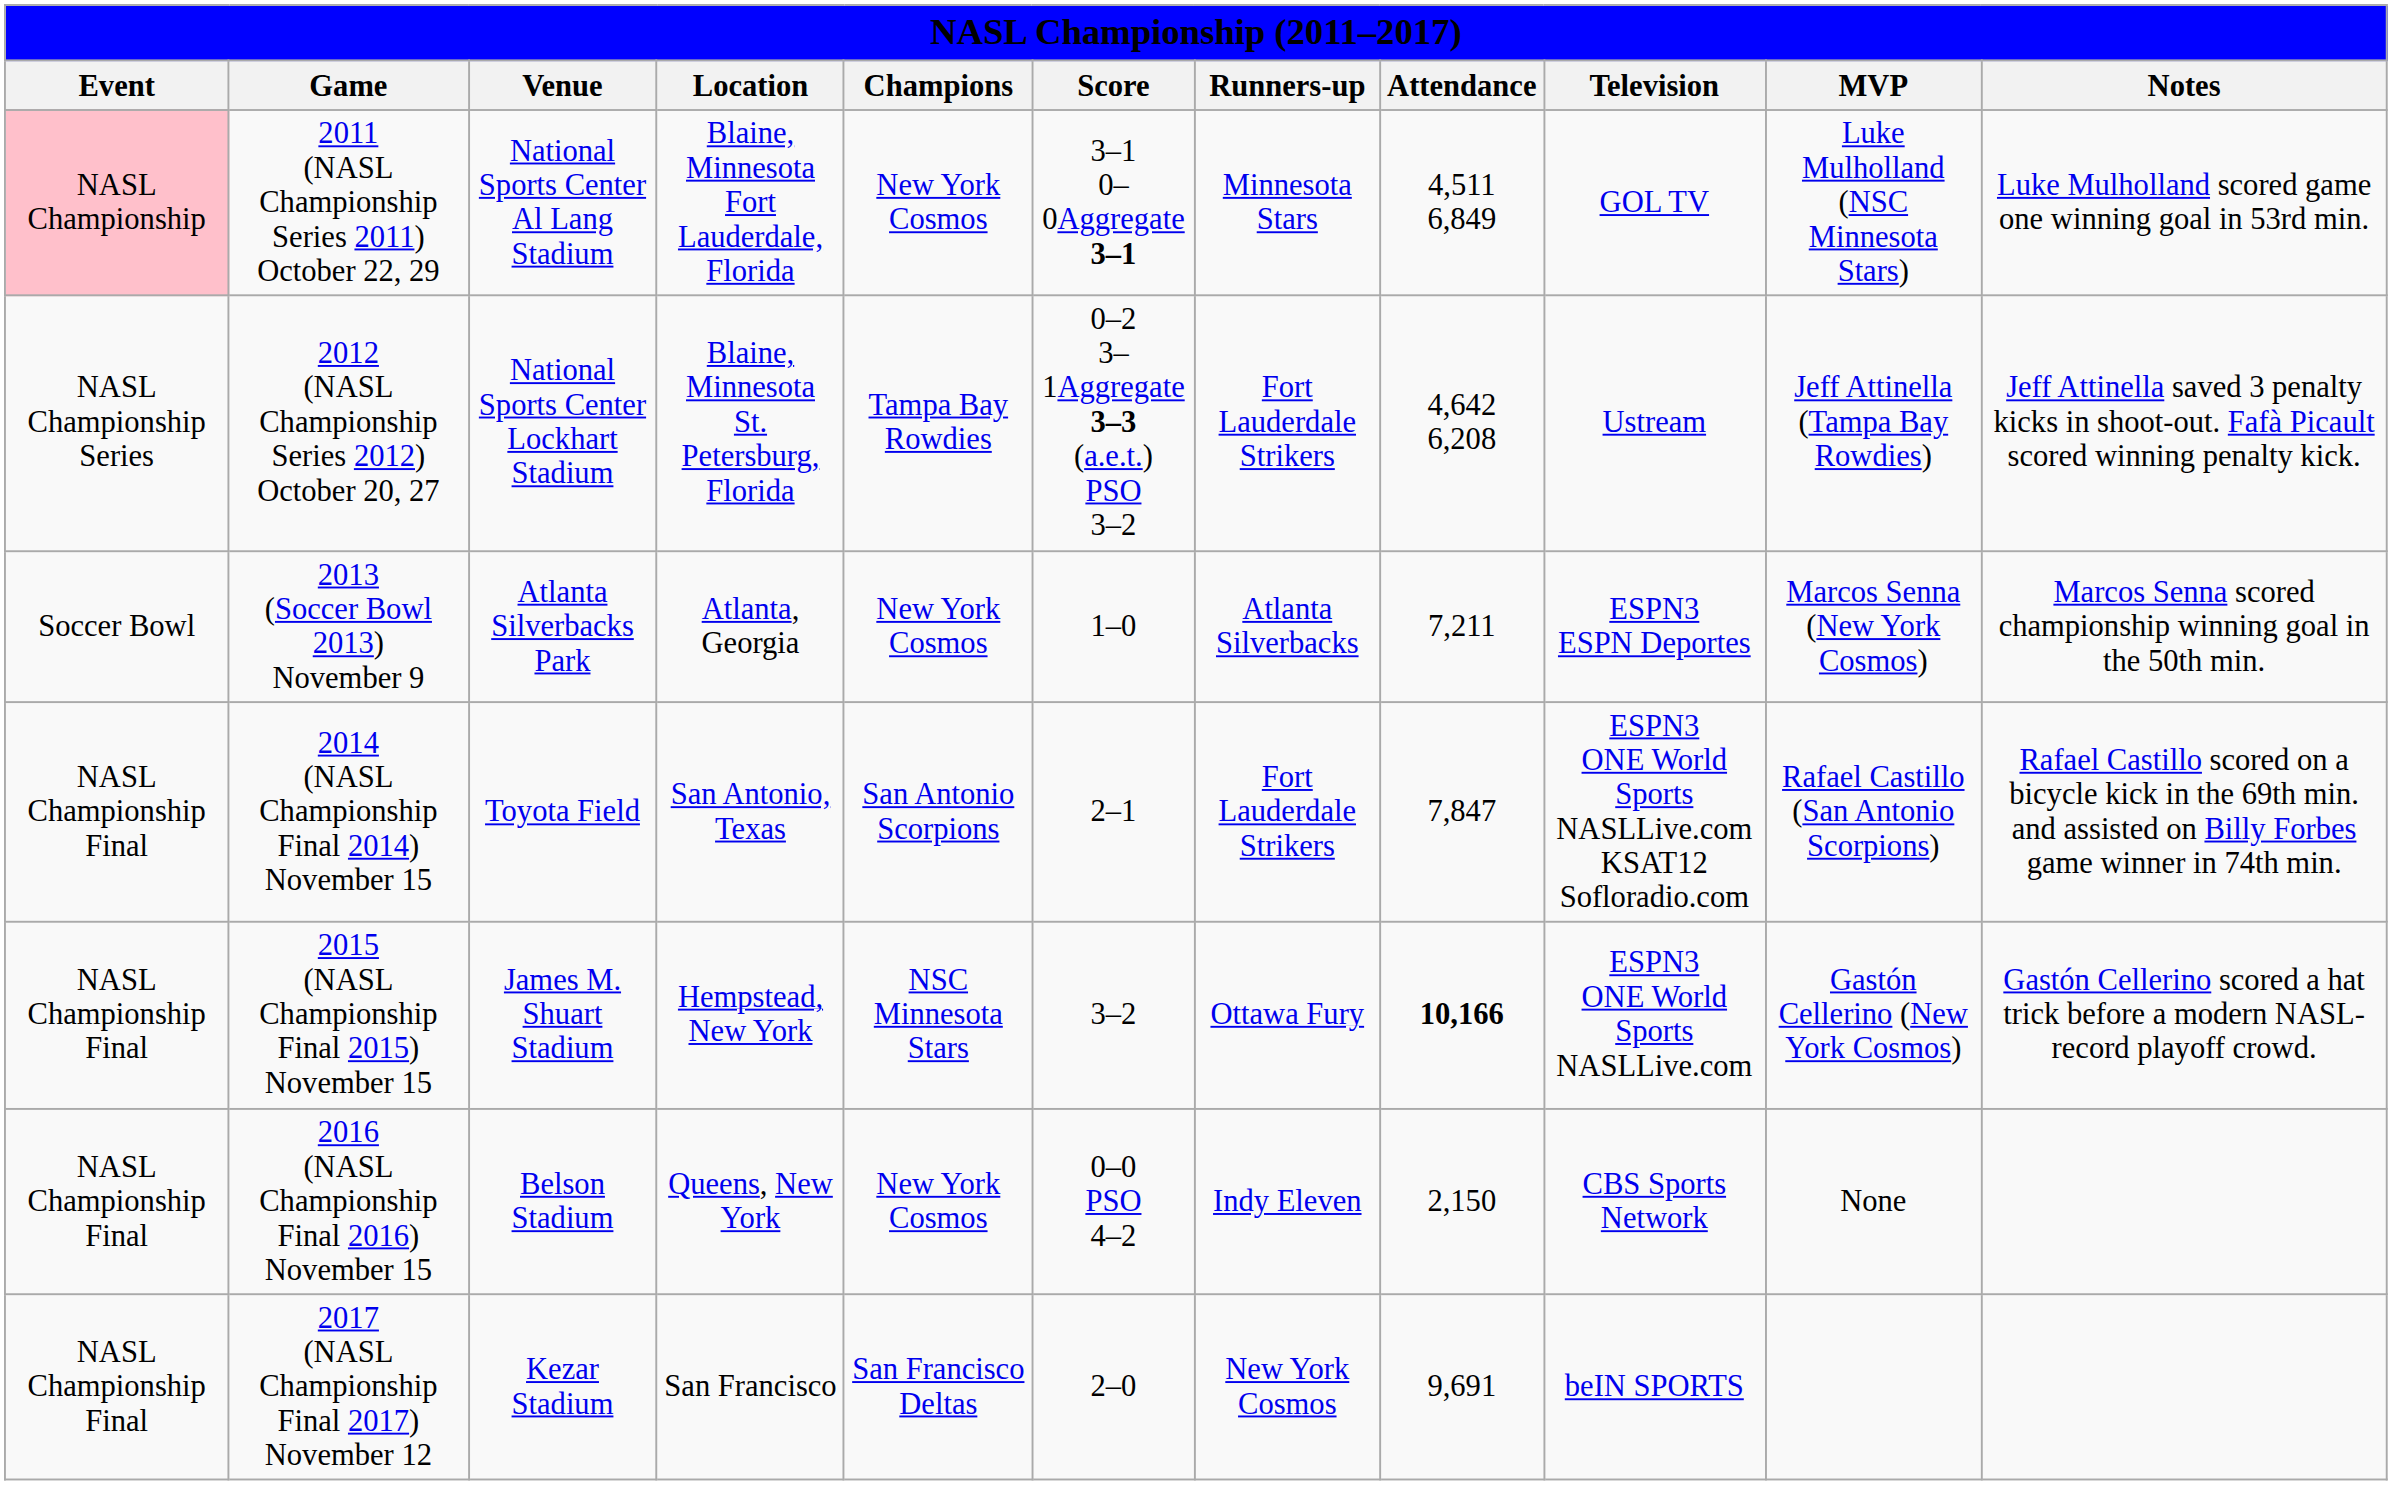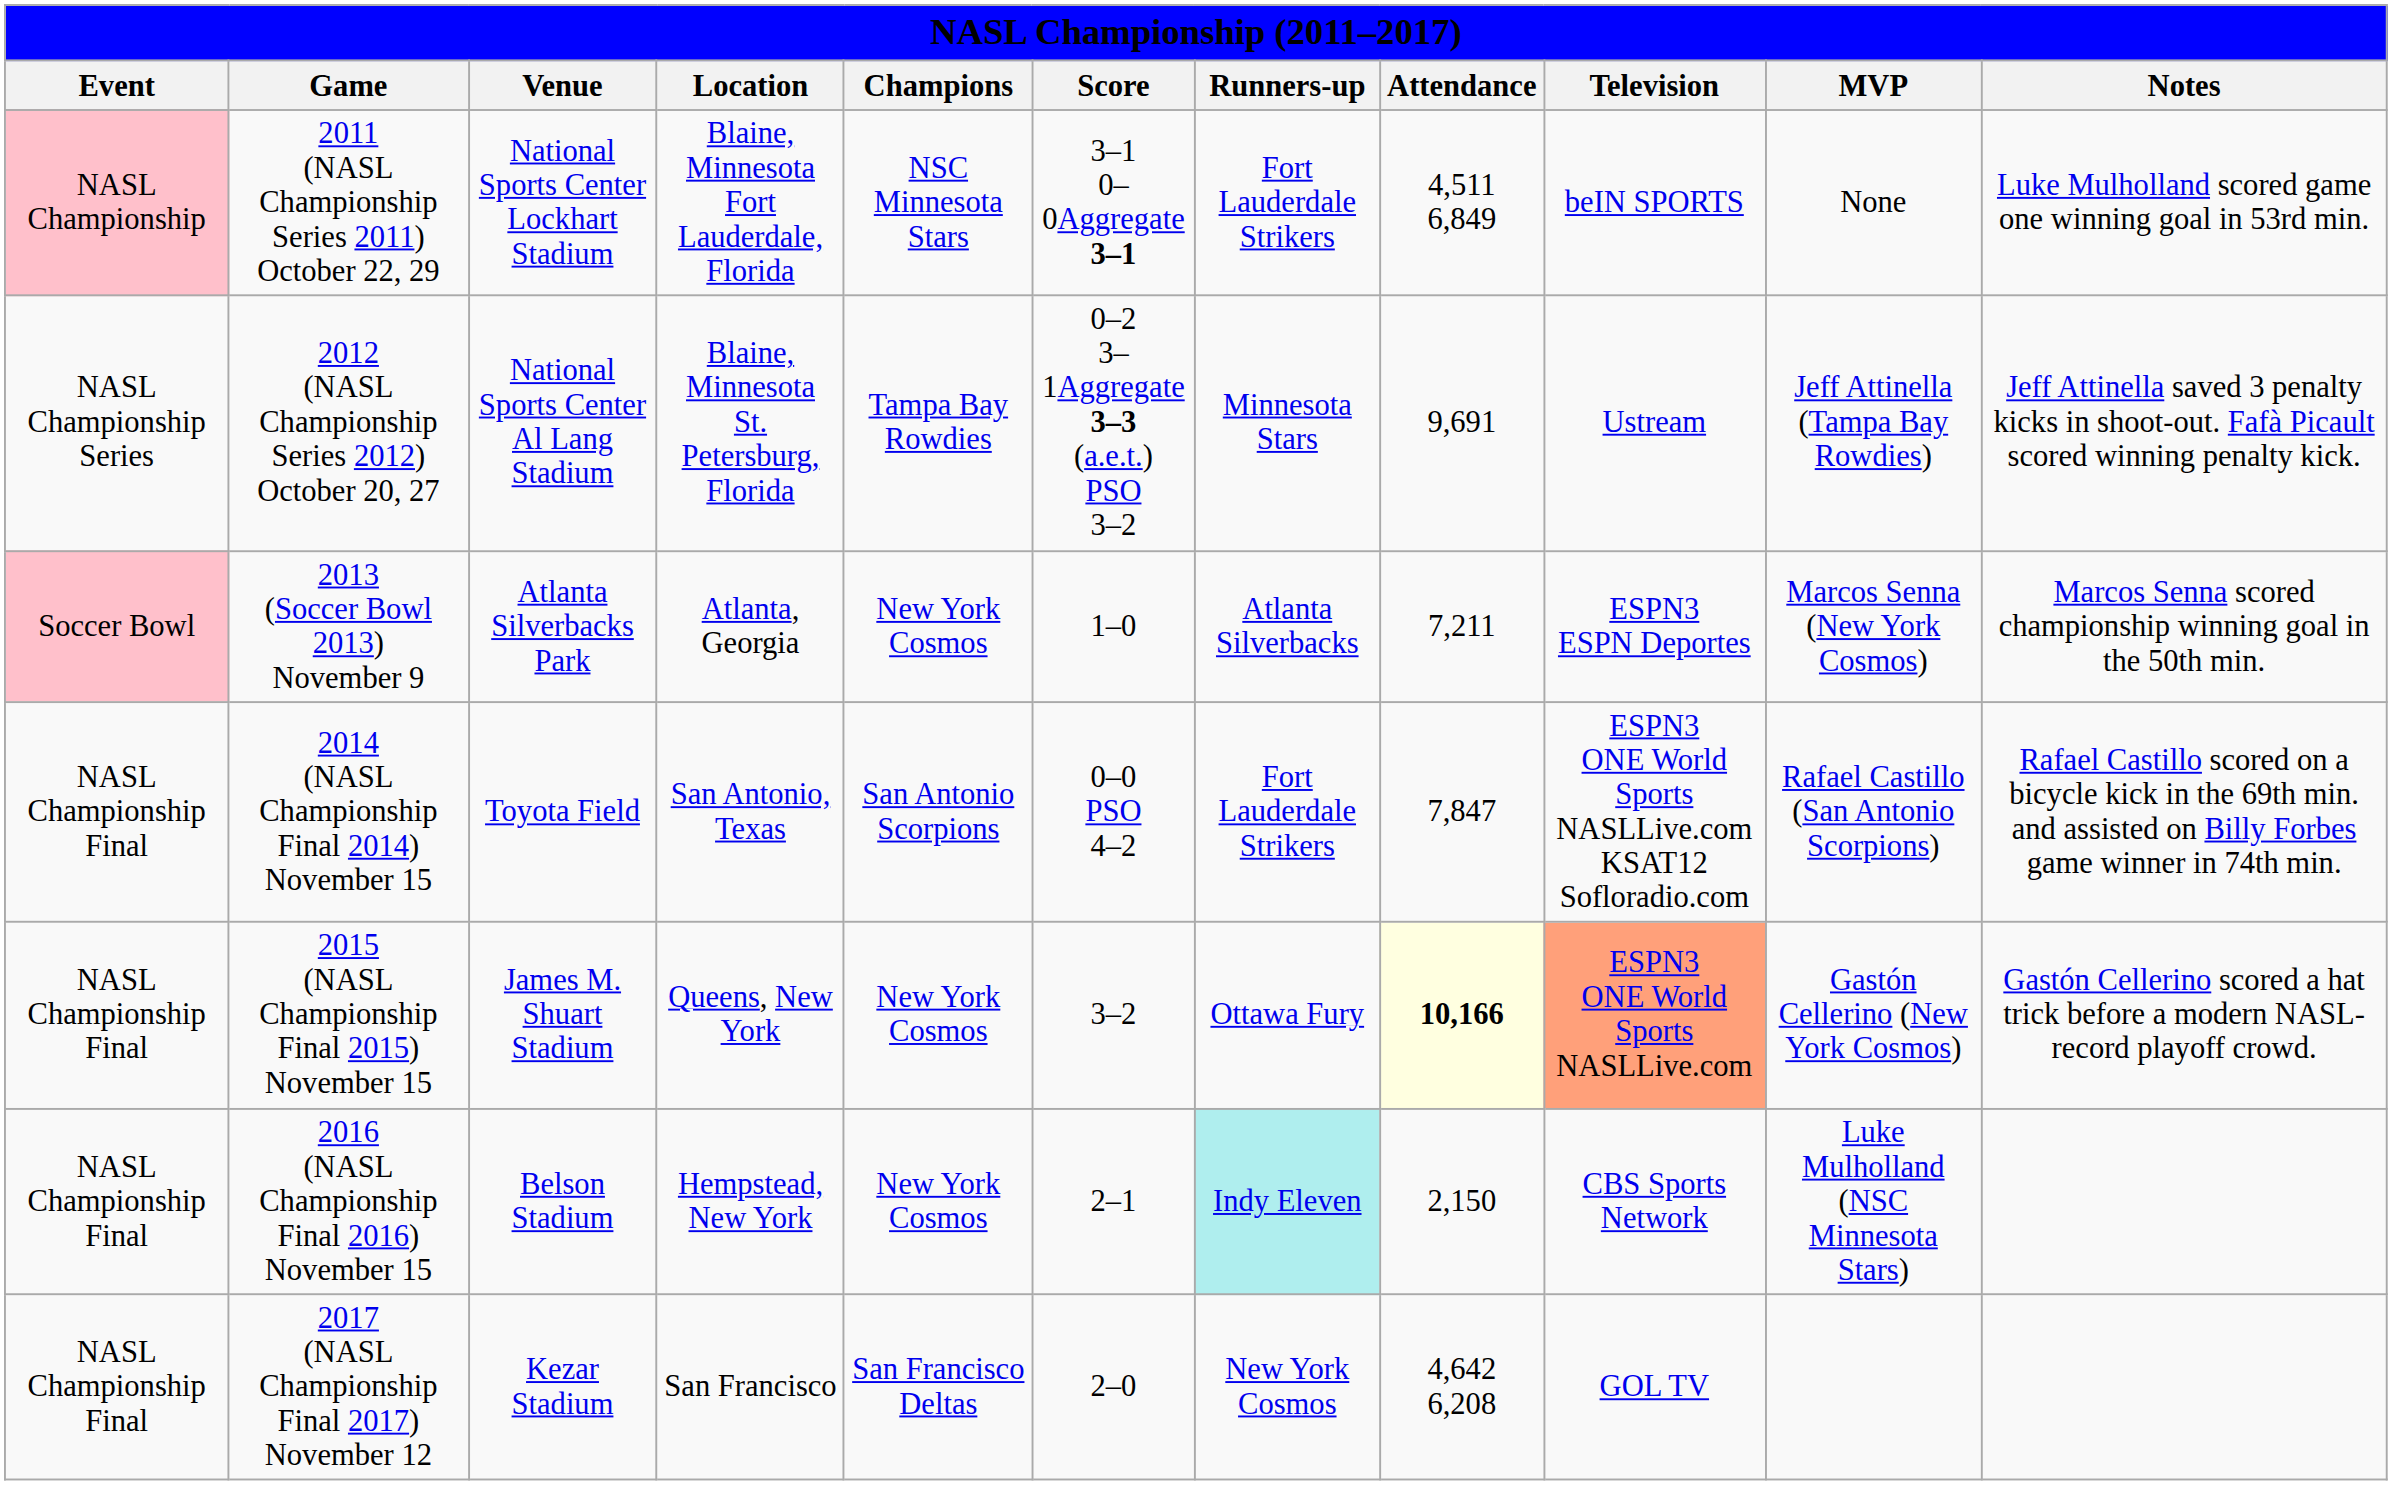 <table class="wikitable sortable">
 <tr>
 <th ! style="background:blue" class="unsortable" colspan="11"><span><big> NASL Championship (2011–2017) </big></span></th>
 </tr>
 <tr>
 <th scope="col">Event</th>
 <th scope="col">Game</th>
 <th scope="col">Venue</th>
 <th scope="col">Location</th>
 <th scope="col">Champions</th>
 <th scope="col">Score</th>
 <th scope="col">Runners-up</th>
 <th scope="col">Attendance</th>
 <th scope="col">Television</th>
 <th scope="col">MVP</th>
 <th scope="col" type=unsortable>Notes</th>
 </tr>
 <tr>
 <td style="background: pink; text-align:center;">NASL Championship</td>
 <td style="text-align:center;"><a href='#'>2011</a><br>(NASL Championship Series <a href='#'>2011</a>)<br>October 22, 29</td>
-<td style="text-align:center;"><a href='#'>National Sports Center</a><br><a href='#'>Al Lang Stadium</a></td>
+<td style="text-align:center;"><a href='#'>National Sports Center</a><br><a href='#'>Lockhart Stadium</a></td>
 <td style="text-align:center;"><a href='#'>Blaine, Minnesota</a><br><a href='#'>Fort Lauderdale, Florida</a></td>
-<td style="text-align:center;"><a href='#'>New York Cosmos</a></td>
+<td style="text-align:center;"><a href='#'>NSC Minnesota Stars</a></td>
 <td style="text-align:center;">3–1<br>0–0<a href='#'>Aggregate</a><br><strong>3–1</strong></td>
-<td style="text-align:center;"><a href='#'>Minnesota Stars</a></td>
+<td style="text-align:center;"><a href='#'>Fort Lauderdale Strikers</a></td>
 <td style="text-align:center;">4,511<br>6,849</td>
-<td style="text-align:center;"><a href='#'>GOL TV</a></td>
-<td style="text-align:center;"><a href='#'>Luke Mulholland</a><br>(<a href='#'>NSC Minnesota Stars</a>)</td>
+<td style="text-align:center;"><a href='#'>beIN SPORTS</a></td>
+<td style="text-align:center;">None</td>
 <td style="text-align:center;"><a href='#'>Luke Mulholland</a> scored game one winning goal in 53rd min.</td>
 </tr>
 <tr>
 <td style="text-align:center;">NASL Championship Series</td>
 <td style="text-align:center;"><a href='#'>2012</a><br>(NASL Championship Series <a href='#'>2012</a>)<br>October 20, 27</td>
-<td style="text-align:center;"><a href='#'>National Sports Center</a><br><a href='#'>Lockhart Stadium</a></td>
+<td style="text-align:center;"><a href='#'>National Sports Center</a><br><a href='#'>Al Lang Stadium</a></td>
 <td style="text-align:center;"><a href='#'>Blaine, Minnesota</a><br><a href='#'>St. Petersburg, Florida</a></td>
 <td style="text-align:center;"><a href='#'>Tampa Bay Rowdies</a></td>
 <td style="text-align:center;">0–2<br>3–1<a href='#'>Aggregate</a><br><strong>3–3</strong><br>(<a href='#'>a.e.t.</a>)<br><a href='#'>PSO</a><br>3–2</td>
-<td style="text-align:center;"><a href='#'>Fort Lauderdale Strikers</a></td>
-<td style="text-align:center;">4,642<br>6,208</td>
+<td style="text-align:center;"><a href='#'>Minnesota Stars</a></td>
+<td style="text-align:center;">9,691</td>
 <td style="text-align:center;"><a href='#'>Ustream</a></td>
 <td style="text-align:center;"><a href='#'>Jeff Attinella</a><br>(<a href='#'>Tampa Bay Rowdies</a>)</td>
 <td style="text-align:center;"><a href='#'>Jeff Attinella</a> saved 3 penalty kicks in shoot-out. <a href='#'>Fafà Picault</a> scored winning penalty kick.</td>
 </tr>
 <tr>
-<td style="text-align:center;">Soccer Bowl</td>
+<td style="background: pink; text-align:center;">Soccer Bowl</td>
 <td style="text-align:center;"><a href='#'>2013</a><br>(<a href='#'>Soccer Bowl 2013</a>)<br>November 9</td>
 <td style="text-align:center;"><a href='#'>Atlanta Silverbacks Park</a></td>
 <td style="text-align:center;"><a href='#'>Atlanta</a>, Georgia</td>
 <td style="text-align:center;"><a href='#'>New York Cosmos</a></td>
 <td style="text-align:center;">1–0</td>
 <td style="text-align:center;"><a href='#'>Atlanta Silverbacks</a></td>
 <td style="text-align:center;">7,211</td>
 <td style="text-align:center;"><a href='#'>ESPN3</a><br><a href='#'>ESPN Deportes</a></td>
 <td style="text-align:center;"><a href='#'>Marcos Senna</a><br>(<a href='#'>New York Cosmos</a>)</td>
 <td style="text-align:center;"><a href='#'>Marcos Senna</a> scored championship winning goal in the 50th min.</td>
 </tr>
 <tr>
 <td style="text-align:center;">NASL Championship Final</td>
 <td style="text-align:center;"><a href='#'>2014</a><br>(NASL Championship Final <a href='#'>2014</a>)<br>November 15</td>
 <td style="text-align:center;"><a href='#'>Toyota Field</a></td>
 <td style="text-align:center;"><a href='#'>San Antonio, Texas</a></td>
 <td style="text-align:center;"><a href='#'>San Antonio Scorpions</a></td>
-<td style="text-align:center;">2–1</td>
+<td style="text-align:center;">0–0<br><a href='#'>PSO</a><br>4–2</td>
 <td style="text-align:center;"><a href='#'>Fort Lauderdale Strikers</a></td>
 <td style="text-align:center;">7,847</td>
 <td style="text-align:center;"><a href='#'>ESPN3</a><br><a href='#'>ONE World Sports</a><br>NASLLive.com<br>KSAT12<br>Sofloradio.com</td>
 <td style="text-align:center;"><a href='#'>Rafael Castillo</a><br>(<a href='#'>San Antonio Scorpions</a>)</td>
 <td style="text-align:center;"><a href='#'>Rafael Castillo</a> scored on a bicycle kick in the 69th min. and assisted on <a href='#'>Billy Forbes</a> game winner in 74th min.</td>
 </tr>
 <tr>
 <td style="text-align:center;">NASL Championship Final</td>
 <td style="text-align:center;"><a href='#'>2015</a><br>(NASL Championship Final <a href='#'>2015</a>)<br>November 15</td>
 <td style="text-align:center;"><a href='#'>James M. Shuart Stadium</a></td>
-<td style="text-align:center;"><a href='#'>Hempstead, New York</a></td>
-<td style="text-align:center;"><a href='#'>NSC Minnesota Stars</a></td>
+<td style="text-align:center;"><a href='#'>Queens</a>, <a href='#'>New York</a></td>
+<td style="text-align:center;"><a href='#'>New York Cosmos</a></td>
 <td style="text-align:center;">3–2</td>
 <td style="text-align:center;"><a href='#'>Ottawa Fury</a></td>
-<td style="text-align:center;"><strong>10,166</strong></td>
-<td style="text-align:center;"><a href='#'>ESPN3</a><br><a href='#'>ONE World Sports</a><br>NASLLive.com<br></td>
+<td style="background: lightyellow; text-align:center;"><strong>10,166</strong></td>
+<td style="background: lightsalmon; text-align:center;"><a href='#'>ESPN3</a><br><a href='#'>ONE World Sports</a><br>NASLLive.com<br></td>
 <td style="text-align:center;"><a href='#'>Gastón Cellerino</a> (<a href='#'>New York Cosmos</a>)</td>
 <td style="text-align:center;"><a href='#'>Gastón Cellerino</a> scored a hat trick before a modern NASL-record playoff crowd.</td>
 </tr>
 <tr>
 <td style="text-align:center;">NASL Championship Final</td>
 <td style="text-align:center;"><a href='#'>2016</a><br>(NASL Championship Final <a href='#'>2016</a>)<br>November 15</td>
 <td style="text-align:center;"><a href='#'>Belson Stadium</a></td>
-<td style="text-align:center;"><a href='#'>Queens</a>, <a href='#'>New York</a></td>
+<td style="text-align:center;"><a href='#'>Hempstead, New York</a></td>
 <td style="text-align:center;"><a href='#'>New York Cosmos</a></td>
-<td style="text-align:center;">0–0<br><a href='#'>PSO</a><br>4–2</td>
-<td style="text-align:center;"><a href='#'>Indy Eleven</a></td>
+<td style="text-align:center;">2–1</td>
+<td style="background: paleturquoise; text-align:center;"><a href='#'>Indy Eleven</a></td>
 <td style="text-align:center;">2,150</td>
 <td style="text-align:center;"><a href='#'>CBS Sports Network</a></td>
-<td style="text-align:center;">None</td>
+<td style="text-align:center;"><a href='#'>Luke Mulholland</a><br>(<a href='#'>NSC Minnesota Stars</a>)</td>
 <td style="text-align:center;"></td>
 </tr>
 <tr>
 <td style="text-align:center;">NASL Championship Final</td>
 <td style="text-align:center;"><a href='#'>2017</a><br>(NASL Championship Final <a href='#'>2017</a>)<br>November 12</td>
 <td style="text-align:center;"><a href='#'>Kezar Stadium</a></td>
 <td style="text-align:center;">San Francisco</td>
 <td style="text-align:center;"><a href='#'>San Francisco Deltas</a></td>
 <td style="text-align:center;">2–0</td>
 <td style="text-align:center;"><a href='#'>New York Cosmos</a></td>
-<td style="text-align:center;">9,691</td>
-<td style="text-align:center;"><a href='#'>beIN SPORTS</a></td>
+<td style="text-align:center;">4,642<br>6,208</td>
+<td style="text-align:center;"><a href='#'>GOL TV</a></td>
 <td style="text-align:center;"></td>
 <td style="text-align:center;"></td>
 </tr>
 </table>
